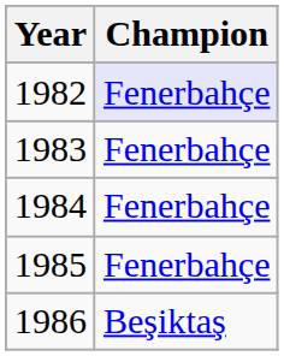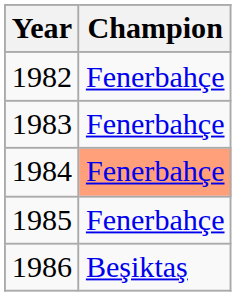 <table class="wikitable">
 <tr>
 <th>Year</th>
 <th>Champion</th>
 </tr>
 <tr>
 <td>1982</td>
-<td style="background: lavender;"><a href='#'>Fenerbahçe</a></td>
+<td><a href='#'>Fenerbahçe</a></td>
 </tr>
 <tr>
 <td>1983</td>
 <td><a href='#'>Fenerbahçe</a></td>
 </tr>
 <tr>
 <td>1984</td>
-<td><a href='#'>Fenerbahçe</a></td>
+<td style="background: lightsalmon;"><a href='#'>Fenerbahçe</a></td>
 </tr>
 <tr>
 <td>1985</td>
 <td><a href='#'>Fenerbahçe</a></td>
 </tr>
 <tr>
 <td>1986</td>
 <td><a href='#'>Beşiktaş</a></td>
 </tr>
 </table>
